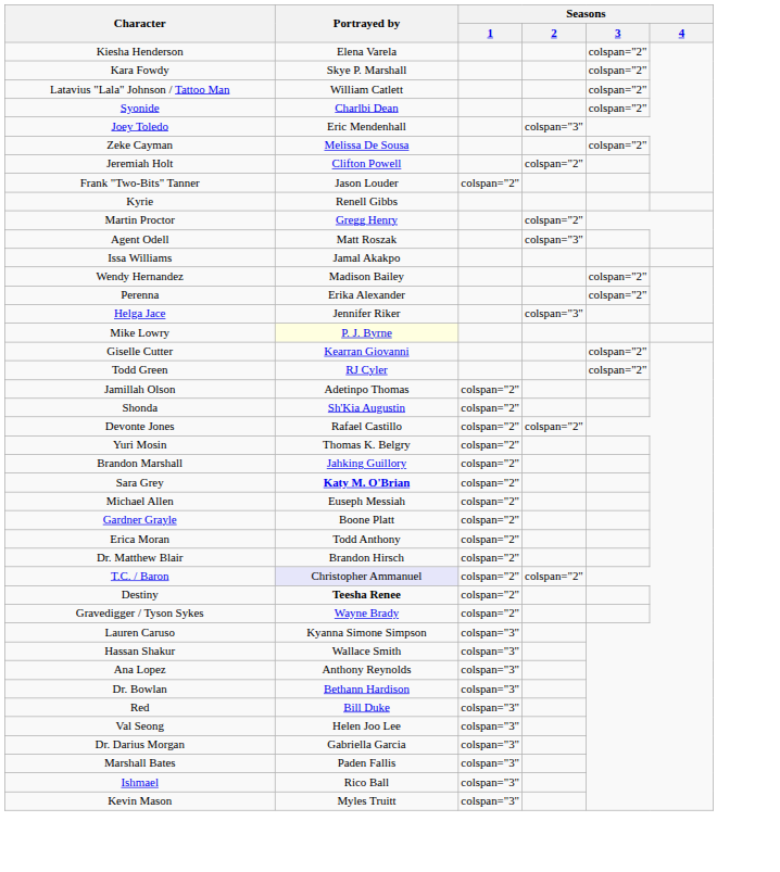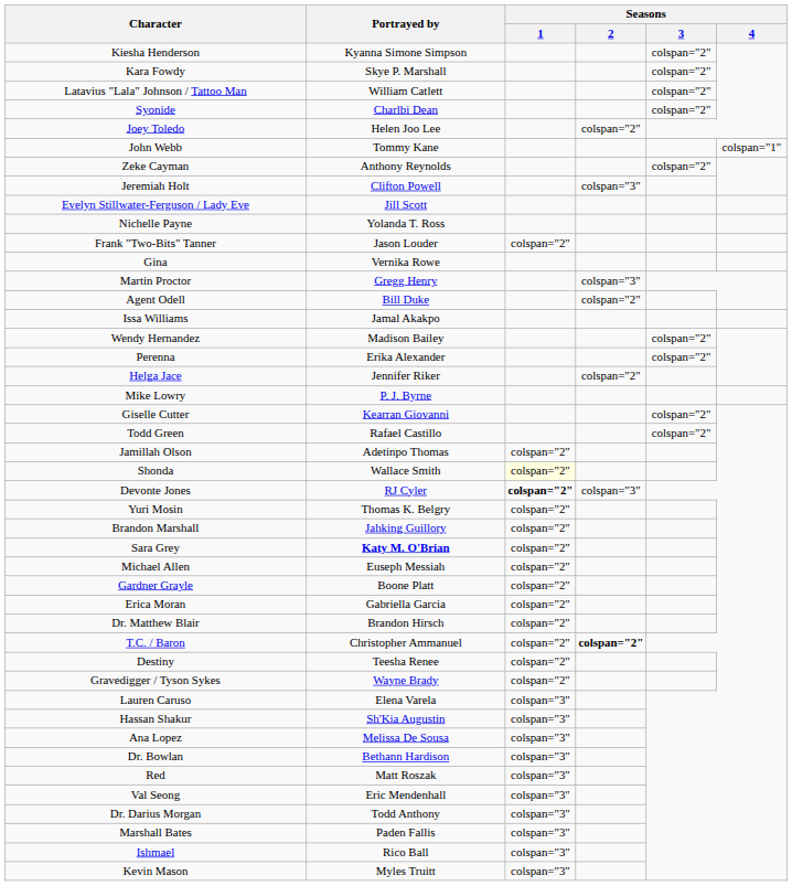 <table class="wikitable plainrowheaders" style="text-align: center;">
 <tr>
 <th scope="col" rowspan="2">Character</th>
 <th scope="col" rowspan="2">Portrayed by</th>
 <th scope="col" colspan="4">Seasons</th>
 </tr>
 <tr>
 <th scope="col" style="width: 9%;"><a href='#'>1</a></th>
 <th scope="col" style="width: 9%;"><a href='#'>2</a></th>
 <th scope="col" style="width: 9%;"><a href='#'>3</a></th>
 <th scope="col" style="width: 9%;"><a href='#'>4</a><br></th>
 </tr>
 <tr>
 <td scope="row">Kiesha Henderson</td>
-<td>Elena Varela</td>
+<td>Kyanna Simone Simpson</td>
 <td></td>
 <td></td>
 <td>colspan="2" </td>
 </tr>
 <tr>
 <td scope="row">Kara Fowdy</td>
 <td>Skye P. Marshall</td>
 <td></td>
 <td></td>
 <td>colspan="2" </td>
 </tr>
 <tr>
 <td scope="row">Latavius "Lala" Johnson / <a href='#'>Tattoo Man</a></td>
 <td>William Catlett</td>
 <td></td>
 <td></td>
 <td>colspan="2" </td>
 </tr>
 <tr>
 <td scope="row"><a href='#'>Syonide</a></td>
 <td><a href='#'>Charlbi Dean</a></td>
 <td></td>
 <td></td>
 <td>colspan="2" </td>
 </tr>
 <tr>
 <td scope="row"><a href='#'>Joey Toledo</a></td>
-<td>Eric Mendenhall</td>
+<td>Helen Joo Lee</td>
 <td></td>
-<td>colspan="3"</td>
+<td>colspan="2" </td>
+</tr>
+<tr>
+<td scope="row">John Webb</td>
+<td>Tommy Kane</td>
+<td></td>
+<td></td>
+<td></td>
+<td>colspan="1" </td>
 </tr>
 <tr>
 <td scope="row">Zeke Cayman</td>
-<td><a href='#'>Melissa De Sousa</a></td>
+<td>Anthony Reynolds</td>
 <td></td>
 <td></td>
 <td>colspan="2" </td>
 </tr>
 <tr>
 <td scope="row">Jeremiah Holt</td>
 <td><a href='#'>Clifton Powell</a></td>
 <td></td>
-<td>colspan="2" </td>
+<td>colspan="3" </td>
+<td></td>
+</tr>
+<tr>
+<td scope="row"><a href='#'>Evelyn Stillwater-Ferguson / Lady Eve</a></td>
+<td><a href='#'>Jill Scott</a></td>
+<td></td>
+<td></td>
+<td></td>
+<td></td>
+</tr>
+<tr>
+<td scope="row">Nichelle Payne</td>
+<td>Yolanda T. Ross</td>
+<td></td>
+<td></td>
+<td></td>
 <td></td>
 </tr>
 <tr>
 <td scope="row">Frank "Two-Bits" Tanner</td>
 <td>Jason Louder</td>
 <td>colspan="2" </td>
 <td></td>
 <td></td>
 </tr>
 <tr>
-<td scope="row">Kyrie</td>
-<td>Renell Gibbs</td>
+<td scope="row">Gina</td>
+<td>Vernika Rowe</td>
 <td></td>
 <td></td>
 <td></td>
 <td></td>
 </tr>
 <tr>
 <td scope="row">Martin Proctor</td>
 <td><a href='#'>Gregg Henry</a></td>
 <td></td>
-<td>colspan="2" </td>
+<td>colspan="3" </td>
 </tr>
 <tr>
 <td scope="row">Agent Odell</td>
-<td>Matt Roszak</td>
+<td><a href='#'>Bill Duke</a></td>
 <td></td>
-<td>colspan="3" </td>
+<td>colspan="2" </td>
 <td></td>
 </tr>
 <tr>
 <td scope="row">Issa Williams</td>
 <td>Jamal Akakpo</td>
 <td></td>
 <td></td>
 <td></td>
 <td></td>
 </tr>
 <tr>
 <td scope="row">Wendy Hernandez</td>
 <td>Madison Bailey</td>
 <td></td>
 <td></td>
 <td>colspan="2" </td>
 </tr>
 <tr>
 <td scope="row">Perenna</td>
 <td>Erika Alexander</td>
 <td></td>
 <td></td>
 <td>colspan="2" </td>
 </tr>
 <tr>
 <td scope="row"><a href='#'>Helga Jace</a></td>
 <td>Jennifer Riker</td>
 <td></td>
-<td>colspan="3"</td>
+<td>colspan="2" </td>
 <td></td>
 </tr>
 <tr>
 <td scope="row">Mike Lowry</td>
-<td style="background: lightyellow;"><a href='#'>P. J. Byrne</a></td>
+<td><a href='#'>P. J. Byrne</a></td>
 <td></td>
 <td></td>
 <td></td>
 <td></td>
 </tr>
 <tr>
 <td scope="row">Giselle Cutter</td>
 <td><a href='#'>Kearran Giovanni</a></td>
 <td></td>
 <td></td>
 <td>colspan="2" </td>
 </tr>
 <tr>
 <td scope="row">Todd Green</td>
-<td><a href='#'>RJ Cyler</a></td>
+<td>Rafael Castillo</td>
 <td></td>
 <td></td>
 <td>colspan="2" </td>
 </tr>
 <tr>
 <td scope="row">Jamillah Olson</td>
 <td>Adetinpo Thomas</td>
 <td>colspan="2" </td>
 <td></td>
 <td></td>
 </tr>
 <tr>
 <td scope="row">Shonda</td>
-<td><a href='#'>Sh'Kia Augustin</a></td>
-<td>colspan="2" </td>
+<td>Wallace Smith</td>
+<td style="background: lightyellow;">colspan="2" </td>
 <td></td>
 <td></td>
 </tr>
 <tr>
 <td scope="row">Devonte Jones</td>
-<td>Rafael Castillo</td>
-<td>colspan="2" </td>
-<td>colspan="2" </td>
+<td><a href='#'>RJ Cyler</a></td>
+<td><strong>colspan="2" </strong></td>
+<td>colspan="3" </td>
 </tr>
 <tr>
 <td scope="row">Yuri Mosin</td>
 <td>Thomas K. Belgry</td>
 <td>colspan="2" </td>
 <td></td>
 <td></td>
 </tr>
 <tr>
 <td scope="row">Brandon Marshall</td>
 <td><a href='#'>Jahking Guillory</a></td>
 <td>colspan="2" </td>
 <td></td>
 <td></td>
 </tr>
 <tr>
 <td scope="row">Sara Grey</td>
 <td><strong><a href='#'>Katy M. O'Brian</a></strong></td>
 <td>colspan="2" </td>
 <td></td>
 <td></td>
 </tr>
 <tr>
 <td scope="row">Michael Allen</td>
 <td>Euseph Messiah</td>
 <td>colspan="2" </td>
 <td></td>
 <td></td>
 </tr>
 <tr>
 <td scope="row"><a href='#'>Gardner Grayle</a></td>
 <td>Boone Platt</td>
 <td>colspan="2" </td>
 <td></td>
 <td></td>
 </tr>
 <tr>
 <td scope="row">Erica Moran</td>
-<td>Todd Anthony</td>
+<td>Gabriella Garcia</td>
 <td>colspan="2" </td>
 <td></td>
 <td></td>
 </tr>
 <tr>
 <td scope="row">Dr. Matthew Blair</td>
 <td>Brandon Hirsch</td>
 <td>colspan="2" </td>
 <td></td>
 <td></td>
 </tr>
 <tr>
 <td scope="row"><a href='#'>T.C. / Baron</a></td>
-<td style="background: lavender;">Christopher Ammanuel</td>
+<td>Christopher Ammanuel</td>
 <td>colspan="2" </td>
-<td>colspan="2" </td>
+<td><strong>colspan="2" </strong></td>
 </tr>
 <tr>
 <td scope="row">Destiny</td>
-<td><strong>Teesha Renee</strong></td>
+<td>Teesha Renee</td>
 <td>colspan="2" </td>
 <td></td>
 <td></td>
 </tr>
 <tr>
 <td scope="row">Gravedigger / Tyson Sykes</td>
 <td><a href='#'>Wayne Brady</a></td>
 <td>colspan="2" </td>
 <td></td>
 <td></td>
 </tr>
 <tr>
 <td scope="row">Lauren Caruso</td>
-<td>Kyanna Simone Simpson</td>
+<td>Elena Varela</td>
 <td>colspan="3" </td>
 <td></td>
 </tr>
 <tr>
 <td scope="row">Hassan Shakur</td>
-<td>Wallace Smith</td>
+<td><a href='#'>Sh'Kia Augustin</a></td>
 <td>colspan="3" </td>
 <td></td>
 </tr>
 <tr>
 <td scope="row">Ana Lopez</td>
-<td>Anthony Reynolds</td>
+<td><a href='#'>Melissa De Sousa</a></td>
 <td>colspan="3" </td>
 <td></td>
 </tr>
 <tr>
 <td scope="row">Dr. Bowlan</td>
 <td><a href='#'>Bethann Hardison</a></td>
 <td>colspan="3" </td>
 <td></td>
 </tr>
 <tr>
 <td scope="row">Red</td>
-<td><a href='#'>Bill Duke</a></td>
+<td>Matt Roszak</td>
 <td>colspan="3" </td>
 <td></td>
 </tr>
 <tr>
 <td>Val Seong</td>
-<td>Helen Joo Lee</td>
+<td>Eric Mendenhall</td>
 <td>colspan="3" </td>
 <td></td>
 </tr>
 <tr>
 <td>Dr. Darius Morgan</td>
-<td>Gabriella Garcia</td>
+<td>Todd Anthony</td>
 <td>colspan="3" </td>
 <td></td>
 </tr>
 <tr>
 <td>Marshall Bates</td>
 <td>Paden Fallis</td>
 <td>colspan="3" </td>
 <td></td>
 </tr>
 <tr>
 <td><a href='#'>Ishmael</a></td>
 <td>Rico Ball</td>
 <td>colspan="3" </td>
 <td></td>
 </tr>
 <tr>
 <td>Kevin Mason</td>
 <td>Myles Truitt</td>
 <td>colspan="3" </td>
 <td></td>
 </tr>
 </table>
